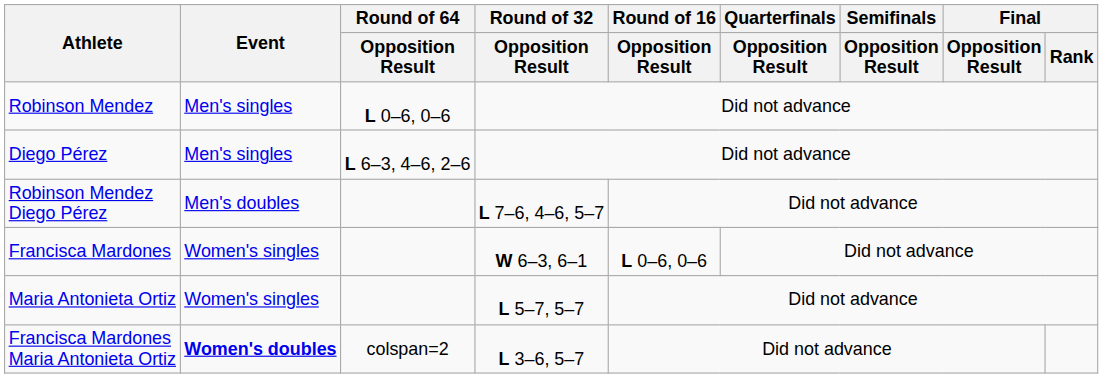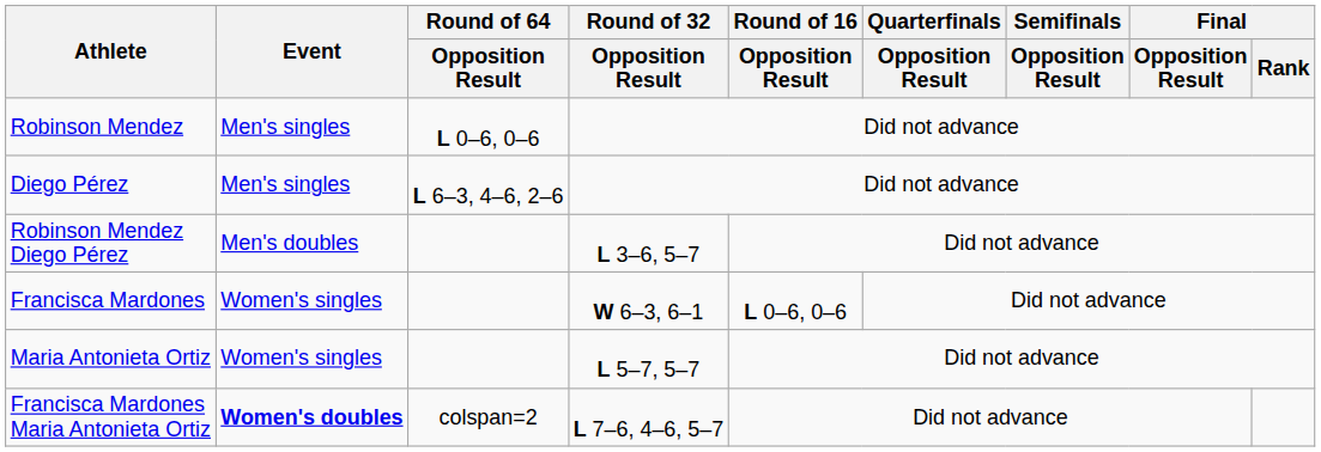 <table class="wikitable">
 <tr>
 <th rowspan="2">Athlete</th>
 <th rowspan="2">Event</th>
 <th>Round of 64</th>
 <th>Round of 32</th>
 <th>Round of 16</th>
 <th>Quarterfinals</th>
 <th>Semifinals</th>
 <th colspan="2">Final</th>
 </tr>
 <tr>
 <th>Opposition<br>Result</th>
 <th>Opposition<br>Result</th>
 <th>Opposition<br>Result</th>
 <th>Opposition<br>Result</th>
 <th>Opposition<br>Result</th>
 <th>Opposition<br>Result</th>
 <th>Rank</th>
 </tr>
 <tr align=center>
 <td align=left><a href='#'>Robinson Mendez</a></td>
 <td align=left><a href='#'>Men's singles</a></td>
 <td> <br> <strong>L</strong> 0–6, 0–6</td>
 <td colspan=6>Did not advance</td>
 </tr>
 <tr align=center>
 <td align=left><a href='#'>Diego Pérez</a></td>
 <td align=left><a href='#'>Men's singles</a></td>
 <td> <br> <strong>L</strong> 6–3, 4–6, 2–6</td>
 <td colspan=6>Did not advance</td>
 </tr>
 <tr align=center>
 <td align=left><a href='#'>Robinson Mendez</a><br><a href='#'>Diego Pérez</a></td>
 <td align=left><a href='#'>Men's doubles</a></td>
 <td></td>
-<td><br> <strong>L</strong> 7–6, 4–6, 5–7</td>
+<td><br> <strong>L</strong> 3–6, 5–7</td>
 <td colspan=5>Did not advance</td>
 </tr>
 <tr align=center>
 <td align=left><a href='#'>Francisca Mardones</a></td>
 <td align=left><a href='#'>Women's singles</a></td>
 <td></td>
 <td> <br> <strong>W</strong> 6–3, 6–1</td>
 <td> <br> <strong>L</strong> 0–6, 0–6</td>
 <td colspan=4>Did not advance</td>
 </tr>
 <tr align=center>
 <td align=left><a href='#'>Maria Antonieta Ortiz</a></td>
 <td align=left><a href='#'>Women's singles</a></td>
 <td></td>
 <td> <br> <strong>L</strong> 5–7, 5–7</td>
 <td align="center" colspan=5>Did not advance</td>
 </tr>
 <tr align=center>
 <td align=left><a href='#'>Francisca Mardones</a><br><a href='#'>Maria Antonieta Ortiz</a></td>
 <td align=left><strong><a href='#'>Women's doubles</a></strong></td>
 <td>colspan=2 </td>
-<td><br> <strong>L</strong> 3–6, 5–7</td>
+<td><br> <strong>L</strong> 7–6, 4–6, 5–7</td>
 <td colspan=4>Did not advance</td>
 </tr>
 </table>
